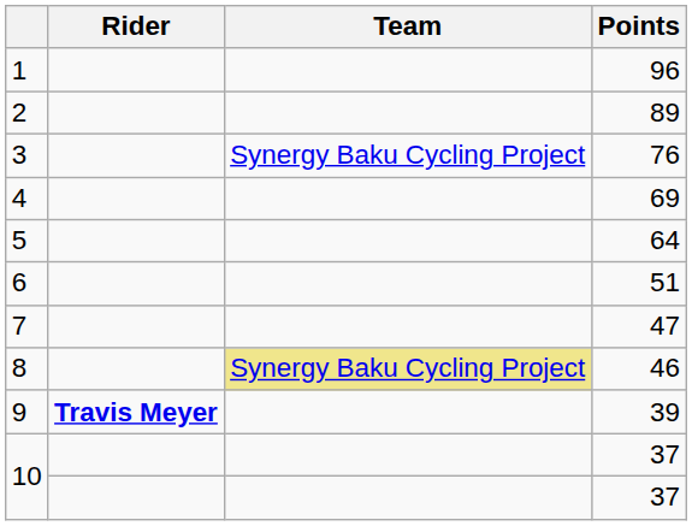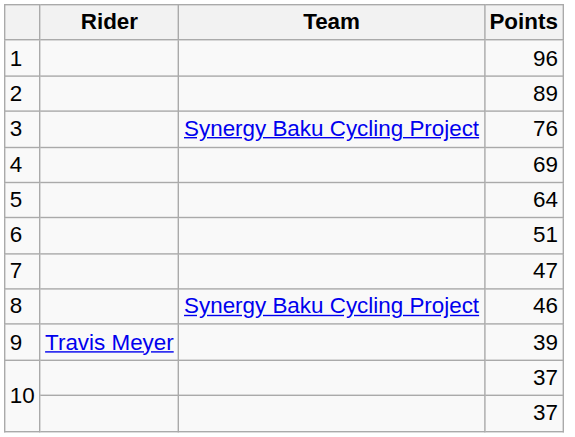 <table class="wikitable">
 <tr>
 <th></th>
 <th>Rider</th>
 <th>Team</th>
 <th>Points</th>
 </tr>
 <tr>
 <td>1</td>
 <td> </td>
 <td></td>
 <td align=right>96</td>
 </tr>
 <tr>
 <td>2</td>
 <td></td>
 <td></td>
 <td align=right>89</td>
 </tr>
 <tr>
 <td>3</td>
 <td></td>
 <td><a href='#'>Synergy Baku Cycling Project</a></td>
 <td align=right>76</td>
 </tr>
 <tr>
 <td>4</td>
 <td></td>
 <td></td>
 <td align=right>69</td>
 </tr>
 <tr>
 <td>5</td>
 <td></td>
 <td></td>
 <td align=right>64</td>
 </tr>
 <tr>
 <td>6</td>
 <td></td>
 <td></td>
 <td align=right>51</td>
 </tr>
 <tr>
 <td>7</td>
 <td></td>
 <td></td>
 <td align=right>47</td>
 </tr>
 <tr>
 <td>8</td>
 <td></td>
-<td style="background: khaki;"><a href='#'>Synergy Baku Cycling Project</a></td>
+<td><a href='#'>Synergy Baku Cycling Project</a></td>
 <td align=right>46</td>
 </tr>
 <tr>
 <td>9</td>
-<td><strong> <a href='#'>Travis Meyer</a></strong></td>
+<td> <a href='#'>Travis Meyer</a></td>
 <td></td>
 <td align=right>39</td>
 </tr>
 <tr>
 <td rowspan=2>10</td>
 <td></td>
 <td></td>
 <td align=right>37</td>
 </tr>
 <tr>
 <td></td>
 <td></td>
 <td align=right>37</td>
 </tr>
 </table>
